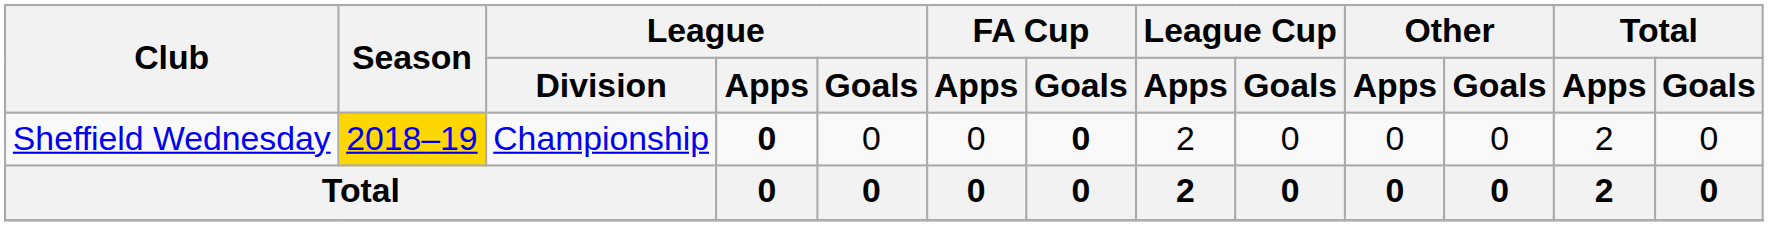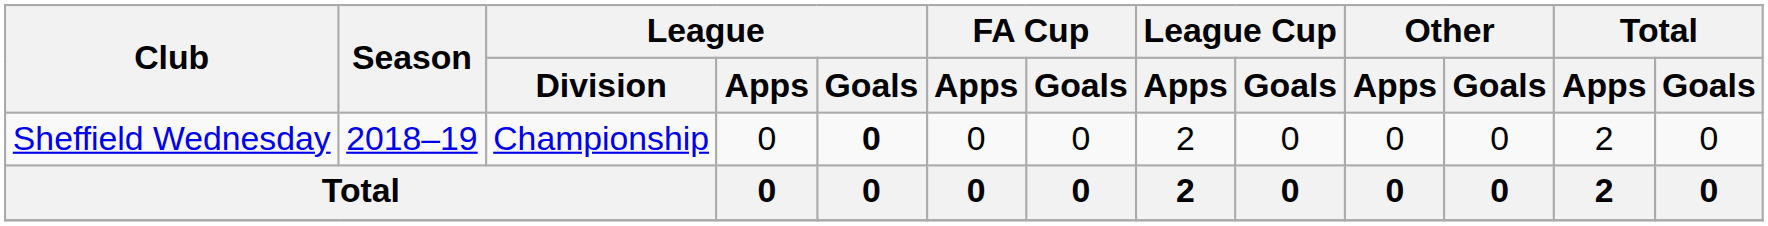 <table class="wikitable" style="text-align: center;">
 <tr>
 <th rowspan=2>Club</th>
 <th rowspan=2>Season</th>
 <th colspan=3>League</th>
 <th colspan=2>FA Cup</th>
 <th colspan=2>League Cup</th>
 <th colspan=2>Other</th>
 <th colspan=2>Total</th>
 </tr>
 <tr>
 <th>Division</th>
 <th>Apps</th>
 <th>Goals</th>
 <th>Apps</th>
 <th>Goals</th>
 <th>Apps</th>
 <th>Goals</th>
 <th>Apps</th>
 <th>Goals</th>
 <th>Apps</th>
 <th>Goals</th>
 </tr>
 <tr>
 <td><a href='#'>Sheffield Wednesday</a></td>
-<td style="background: gold;"><a href='#'>2018–19</a></td>
+<td><a href='#'>2018–19</a></td>
 <td><a href='#'>Championship</a></td>
+<td>0</td>
 <td><strong>0</strong></td>
 <td>0</td>
 <td>0</td>
-<td><strong>0</strong></td>
 <td>2</td>
 <td>0</td>
 <td>0</td>
 <td>0</td>
 <td>2</td>
 <td>0</td>
 </tr>
 <tr>
 <th colspan=3>Total</th>
 <th>0</th>
 <th>0</th>
 <th>0</th>
 <th>0</th>
 <th>2</th>
 <th>0</th>
 <th>0</th>
 <th>0</th>
 <th>2</th>
 <th>0</th>
 </tr>
 <tr>
 </tr>
 </table>
